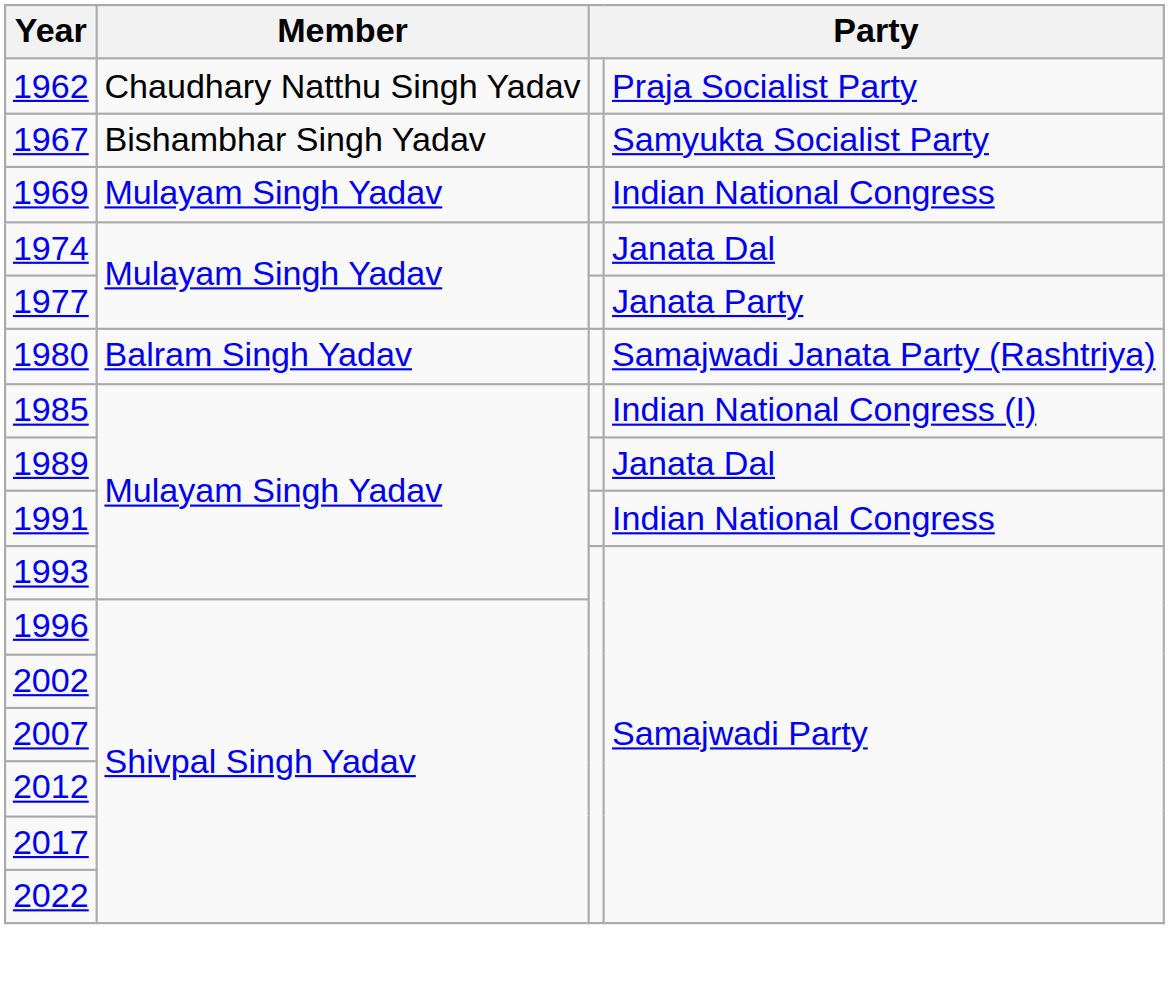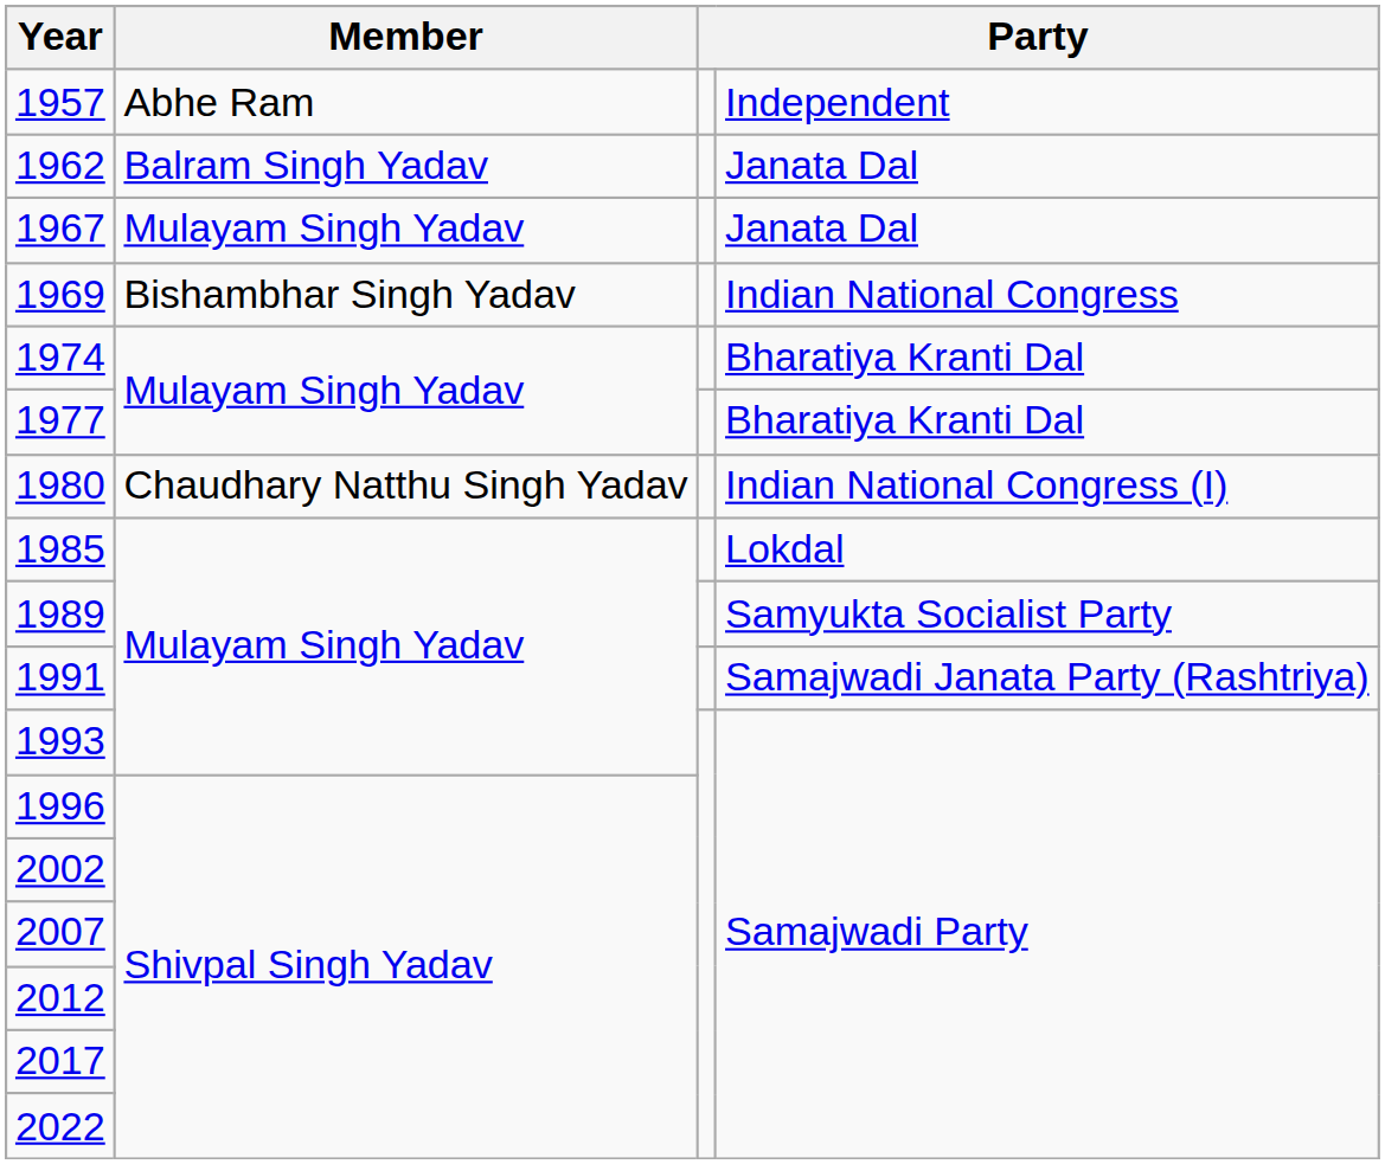 <table class="wikitable">
 <tr>
 <th>Year</th>
 <th>Member</th>
 <th colspan="2">Party</th>
 </tr>
 <tr>
+<td><a href='#'>1957</a></td>
+<td>Abhe Ram</td>
+<td style="background-color: "></td>
+<td><a href='#'>Independent</a></td>
+</tr>
+<tr>
 <td><a href='#'>1962</a></td>
-<td>Chaudhary Natthu Singh Yadav</td>
+<td><a href='#'>Balram Singh Yadav</a></td>
 <td style="background-color: "></td>
-<td><a href='#'>Praja Socialist Party</a></td>
+<td><a href='#'>Janata Dal</a></td>
 </tr>
 <tr>
 <td><a href='#'>1967</a></td>
-<td>Bishambhar Singh Yadav</td>
+<td><a href='#'>Mulayam Singh Yadav</a></td>
 <td style="background-color: "></td>
-<td><a href='#'>Samyukta Socialist Party</a></td>
+<td><a href='#'>Janata Dal</a></td>
 </tr>
 <tr>
 <td><a href='#'>1969</a></td>
-<td><a href='#'>Mulayam Singh Yadav</a></td>
+<td>Bishambhar Singh Yadav</td>
 <td style="background-color: "></td>
 <td><a href='#'>Indian National Congress</a></td>
 </tr>
 <tr>
 <td><a href='#'>1974</a></td>
 <td rowspan="2"><a href='#'>Mulayam Singh Yadav</a></td>
 <td style="background-color: "></td>
-<td><a href='#'>Janata Dal</a></td>
+<td><a href='#'>Bharatiya Kranti Dal</a></td>
 </tr>
 <tr>
 <td><a href='#'>1977</a></td>
 <td style="background-color: "></td>
-<td><a href='#'>Janata Party</a></td>
+<td><a href='#'>Bharatiya Kranti Dal</a></td>
 </tr>
 <tr>
 <td><a href='#'>1980</a></td>
-<td><a href='#'>Balram Singh Yadav</a></td>
+<td>Chaudhary Natthu Singh Yadav</td>
 <td style="background-color: "></td>
-<td><a href='#'>Samajwadi Janata Party (Rashtriya)</a></td>
+<td><a href='#'>Indian National Congress (I)</a></td>
 </tr>
 <tr>
 <td><a href='#'>1985</a></td>
 <td rowspan="4"><a href='#'>Mulayam Singh Yadav</a></td>
 <td style="background-color: "></td>
-<td><a href='#'>Indian National Congress (I)</a></td>
+<td><a href='#'>Lokdal</a></td>
 </tr>
 <tr>
 <td><a href='#'>1989</a></td>
 <td style="background-color: "></td>
-<td><a href='#'>Janata Dal</a></td>
+<td><a href='#'>Samyukta Socialist Party</a></td>
 </tr>
 <tr>
 <td><a href='#'>1991</a></td>
 <td style="background-color: "></td>
-<td><a href='#'>Indian National Congress</a></td>
+<td><a href='#'>Samajwadi Janata Party (Rashtriya)</a></td>
 </tr>
 <tr>
 <td><a href='#'>1993</a></td>
 <td rowspan="7" style="background-color: "></td>
 <td rowspan="7"><a href='#'>Samajwadi Party</a></td>
 </tr>
 <tr>
 <td><a href='#'>1996</a></td>
 <td rowspan="6"><a href='#'>Shivpal Singh Yadav</a></td>
 </tr>
 <tr>
 <td><a href='#'>2002</a></td>
 </tr>
 <tr>
 <td><a href='#'>2007</a></td>
 </tr>
 <tr>
 <td><a href='#'>2012</a></td>
 </tr>
 <tr>
 <td><a href='#'>2017</a></td>
 </tr>
 <tr>
 <td><a href='#'>2022</a></td>
 </tr>
 </table>
